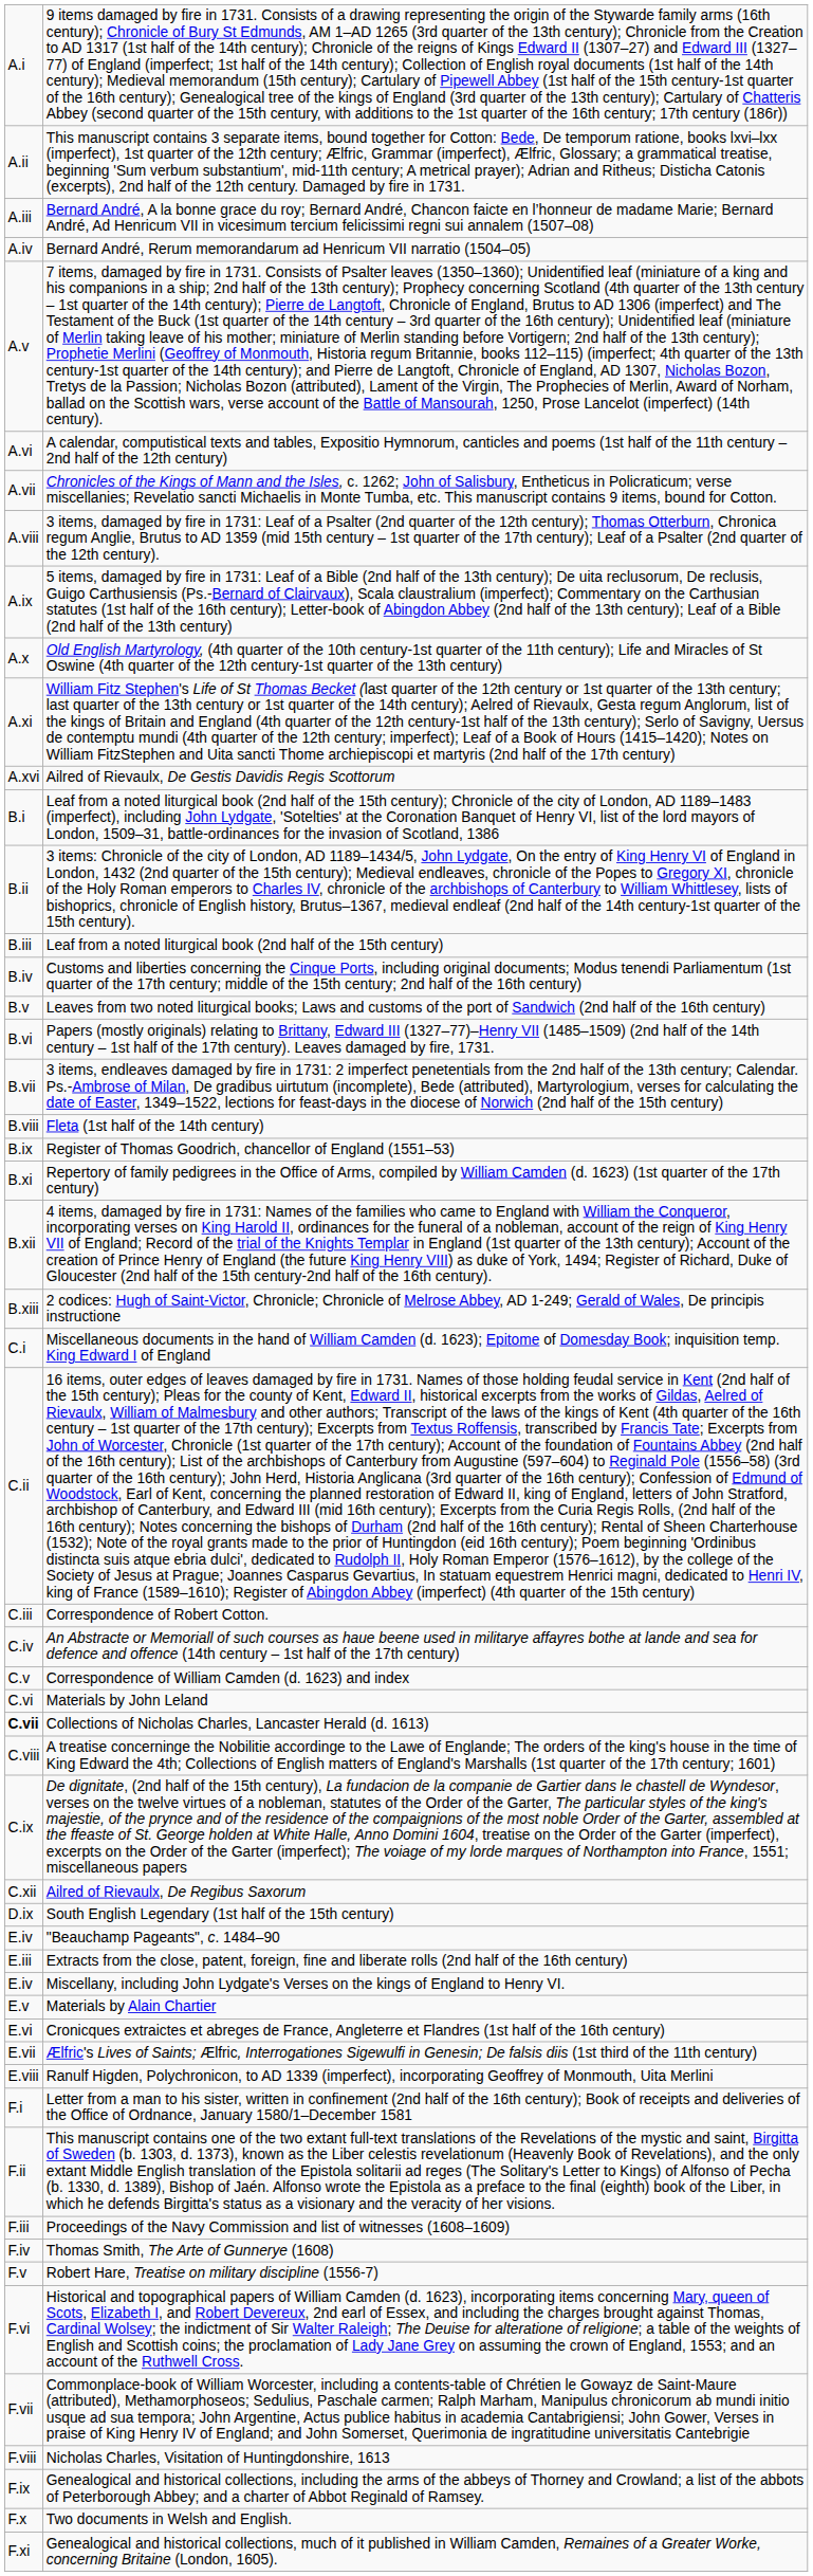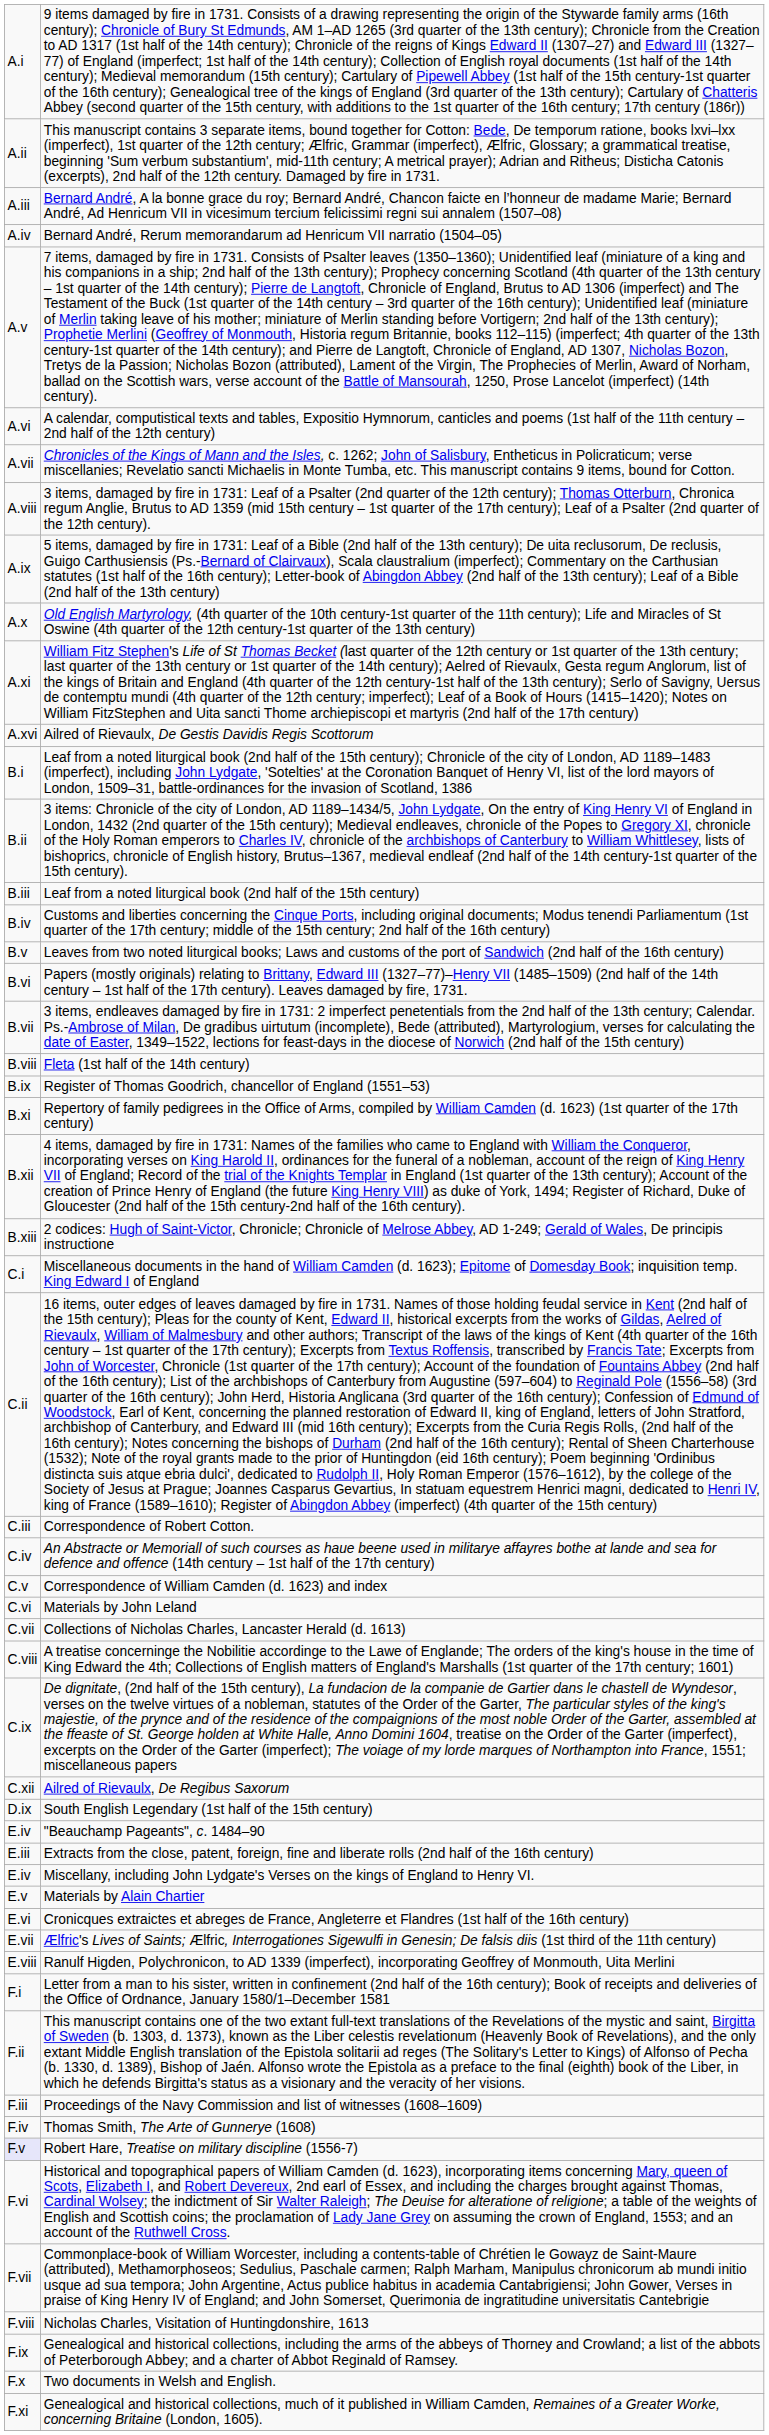 <table class="wikitable" style="width:100%">
 <tr>
 <td>A.i</td>
 <td>9 items damaged by fire in 1731. Consists of a drawing representing the origin of the Stywarde family arms (16th century); <a href='#'>Chronicle of Bury St Edmunds</a>, AM 1–AD 1265 (3rd quarter of the 13th century); Chronicle from the Creation to AD 1317 (1st half of the 14th century); Chronicle of the reigns of Kings <a href='#'>Edward II</a> (1307–27) and <a href='#'>Edward III</a> (1327–77) of England (imperfect; 1st half of the 14th century); Collection of English royal documents (1st half of the 14th century); Medieval memorandum (15th century); Cartulary of <a href='#'>Pipewell Abbey</a> (1st half of the 15th century-1st quarter of the 16th century); Genealogical tree of the kings of England (3rd quarter of the 13th century); Cartulary of <a href='#'>Chatteris</a> Abbey (second quarter of the 15th century, with additions to the 1st quarter of the 16th century; 17th century (186r))</td>
 </tr>
 <tr>
 <td>A.ii</td>
 <td>This manuscript contains 3 separate items, bound together for Cotton: <a href='#'>Bede</a>, De temporum ratione, books lxvi–lxx (imperfect), 1st quarter of the 12th century; Ælfric, Grammar (imperfect), Ælfric, Glossary; a grammatical treatise, beginning 'Sum verbum substantium', mid-11th century; A metrical prayer); Adrian and Ritheus; Disticha Catonis (excerpts), 2nd half of the 12th century. Damaged by fire in 1731.</td>
 </tr>
 <tr>
 <td>A.iii</td>
 <td><a href='#'>Bernard André</a>, A la bonne grace du roy; Bernard André, Chancon faicte en l’honneur de madame Marie; Bernard André, Ad Henricum VII in vicesimum tercium felicissimi regni sui annalem (1507–08)</td>
 </tr>
 <tr>
 <td>A.iv</td>
 <td>Bernard André, Rerum memorandarum ad Henricum VII narratio (1504–05)</td>
 </tr>
 <tr>
 <td>A.v</td>
 <td>7 items, damaged by fire in 1731. Consists of Psalter leaves (1350–1360); Unidentified leaf (miniature of a king and his companions in a ship; 2nd half of the 13th century); Prophecy concerning Scotland (4th quarter of the 13th century – 1st quarter of the 14th century); <a href='#'>Pierre de Langtoft</a>, Chronicle of England, Brutus to AD 1306 (imperfect) and The Testament of the Buck (1st quarter of the 14th century – 3rd quarter of the 16th century); Unidentified leaf (miniature of <a href='#'>Merlin</a> taking leave of his mother; miniature of Merlin standing before Vortigern; 2nd half of the 13th century); <a href='#'>Prophetie Merlini</a> (<a href='#'>Geoffrey of Monmouth</a>, Historia regum Britannie, books 112–115) (imperfect; 4th quarter of the 13th century-1st quarter of the 14th century); and Pierre de Langtoft, Chronicle of England, AD 1307, <a href='#'>Nicholas Bozon</a>, Tretys de la Passion; Nicholas Bozon (attributed), Lament of the Virgin, The Prophecies of Merlin, Award of Norham, ballad on the Scottish wars, verse account of the <a href='#'>Battle of Mansourah</a>, 1250, Prose Lancelot (imperfect) (14th century).</td>
 </tr>
 <tr>
 <td>A.vi</td>
 <td>A calendar, computistical texts and tables, Expositio Hymnorum, canticles and poems (1st half of the 11th century – 2nd half of the 12th century)</td>
 </tr>
 <tr>
 <td>A.vii</td>
 <td><em><a href='#'>Chronicles of the Kings of Mann and the Isles</a>,</em> c. 1262; <a href='#'>John of Salisbury</a>, Entheticus in Policraticum; verse miscellanies; Revelatio sancti Michaelis in Monte Tumba, etc. This manuscript contains 9 items, bound for Cotton.</td>
 </tr>
 <tr>
 <td>A.viii</td>
 <td>3 items, damaged by fire in 1731: Leaf of a Psalter (2nd quarter of the 12th century); <a href='#'>Thomas Otterburn</a>, Chronica regum Anglie, Brutus to AD 1359 (mid 15th century – 1st quarter of the 17th century); Leaf of a Psalter (2nd quarter of the 12th century).</td>
 </tr>
 <tr>
 <td>A.ix</td>
 <td>5 items, damaged by fire in 1731: Leaf of a Bible (2nd half of the 13th century); De uita reclusorum, De reclusis, Guigo Carthusiensis (Ps.-<a href='#'>Bernard of Clairvaux</a>), Scala claustralium (imperfect); Commentary on the Carthusian statutes (1st half of the 16th century); Letter-book of <a href='#'>Abingdon Abbey</a> (2nd half of the 13th century); Leaf of a Bible (2nd half of the 13th century)</td>
 </tr>
 <tr>
 <td width="4%">A.x</td>
 <td width="96%"><em><a href='#'>Old English Martyrology</a>,</em> (4th quarter of the 10th century-1st quarter of the 11th century); Life and Miracles of St Oswine (4th quarter of the 12th century-1st quarter of the 13th century)</td>
 </tr>
 <tr>
 <td>A.xi</td>
 <td><a href='#'>William Fitz Stephen</a>'s <em>Life of St <a href='#'>Thomas Becket</a> (</em>last quarter of the 12th century or 1st quarter of the 13th century; last quarter of the 13th century or 1st quarter of the 14th century); Aelred of Rievaulx, Gesta regum Anglorum, list of the kings of Britain and England (4th quarter of the 12th century-1st half of the 13th century); Serlo of Savigny, Uersus de contemptu mundi (4th quarter of the 12th century; imperfect); Leaf of a Book of Hours (1415–1420); Notes on William FitzStephen and Uita sancti Thome archiepiscopi et martyris (2nd half of the 17th century)</td>
 </tr>
 <tr>
 <td>A.xvi</td>
 <td>Ailred of Rievaulx, <em>De Gestis Davidis Regis Scottorum</em></td>
 </tr>
 <tr>
 <td>B.i</td>
 <td>Leaf from a noted liturgical book (2nd half of the 15th century); Chronicle of the city of London, AD 1189–1483 (imperfect), including <a href='#'>John Lydgate</a>, 'Sotelties' at the Coronation Banquet of Henry VI, list of the lord mayors of London, 1509–31, battle-ordinances for the invasion of Scotland, 1386</td>
 </tr>
 <tr>
 <td>B.ii</td>
 <td>3 items: Chronicle of the city of London, AD 1189–1434/5, <a href='#'>John Lydgate</a>, On the entry of <a href='#'>King Henry VI</a> of England in London, 1432 (2nd quarter of the 15th century); Medieval endleaves, chronicle of the Popes to <a href='#'>Gregory XI</a>, chronicle of the Holy Roman emperors to <a href='#'>Charles IV</a>, chronicle of the <a href='#'>archbishops of Canterbury</a> to <a href='#'>William Whittlesey</a>, lists of bishoprics, chronicle of English history, Brutus–1367, medieval endleaf (2nd half of the 14th century-1st quarter of the 15th century).</td>
 </tr>
 <tr>
 <td>B.iii</td>
 <td>Leaf from a noted liturgical book (2nd half of the 15th century)</td>
 </tr>
 <tr>
 <td>B.iv</td>
 <td>Customs and liberties concerning the <a href='#'>Cinque Ports</a>, including original documents; Modus tenendi Parliamentum (1st quarter of the 17th century; middle of the 15th century; 2nd half of the 16th century)</td>
 </tr>
 <tr>
 <td>B.v</td>
 <td>Leaves from two noted liturgical books; Laws and customs of the port of <a href='#'>Sandwich</a> (2nd half of the 16th century)</td>
 </tr>
 <tr>
 <td>B.vi</td>
 <td>Papers (mostly originals) relating to <a href='#'>Brittany</a>, <a href='#'>Edward III</a> (1327–77)–<a href='#'>Henry VII</a> (1485–1509) (2nd half of the 14th century – 1st half of the 17th century). Leaves damaged by fire, 1731.</td>
 </tr>
 <tr>
 <td>B.vii</td>
 <td>3 items, endleaves damaged by fire in 1731: 2 imperfect penetentials from the 2nd half of the 13th century; Calendar. Ps.-<a href='#'>Ambrose of Milan</a>, De gradibus uirtutum (incomplete), Bede (attributed), Martyrologium, verses for calculating the <a href='#'>date of Easter</a>, 1349–1522, lections for feast-days in the diocese of <a href='#'>Norwich</a> (2nd half of the 15th century)</td>
 </tr>
 <tr>
 <td>B.viii</td>
 <td><a href='#'>Fleta</a> (1st half of the 14th century)</td>
 </tr>
 <tr>
 <td>B.ix</td>
 <td>Register of Thomas Goodrich, chancellor of England (1551–53)</td>
 </tr>
 <tr>
 <td>B.xi</td>
 <td>Repertory of family pedigrees in the Office of Arms, compiled by <a href='#'>William Camden</a> (d. 1623) (1st quarter of the 17th century)</td>
 </tr>
 <tr>
 <td>B.xii</td>
 <td>4 items, damaged by fire in 1731: Names of the families who came to England with <a href='#'>William the Conqueror</a>, incorporating verses on <a href='#'>King Harold II</a>, ordinances for the funeral of a nobleman, account of the reign of <a href='#'>King Henry VII</a> of England; Record of the <a href='#'>trial of the Knights Templar</a> in England (1st quarter of the 13th century); Account of the creation of Prince Henry of England (the future <a href='#'>King Henry VIII</a>) as duke of York, 1494; Register of Richard, Duke of Gloucester (2nd half of the 15th century-2nd half of the 16th century).</td>
 </tr>
 <tr>
 <td>B.xiii</td>
 <td>2 codices: <a href='#'>Hugh of Saint-Victor</a>, Chronicle; Chronicle of <a href='#'>Melrose Abbey</a>, AD 1-249; <a href='#'>Gerald of Wales</a>, De principis instructione</td>
 </tr>
 <tr>
 <td>C.i</td>
 <td>Miscellaneous documents in the hand of <a href='#'>William Camden</a> (d. 1623); <a href='#'>Epitome</a> of <a href='#'>Domesday Book</a>; inquisition temp. <a href='#'>King Edward I</a> of England</td>
 </tr>
 <tr>
 <td>C.ii</td>
 <td>16 items, outer edges of leaves damaged by fire in 1731. Names of those holding feudal service in <a href='#'>Kent</a> (2nd half of the 15th century); Pleas for the county of Kent, <a href='#'>Edward II</a>, historical excerpts from the works of <a href='#'>Gildas</a>, <a href='#'>Aelred of Rievaulx</a>, <a href='#'>William of Malmesbury</a> and other authors; Transcript of the laws of the kings of Kent (4th quarter of the 16th century – 1st quarter of the 17th century); Excerpts from <a href='#'>Textus Roffensis</a>, transcribed by <a href='#'>Francis Tate</a>; Excerpts from <a href='#'>John of Worcester</a>, Chronicle (1st quarter of the 17th century); Account of the foundation of <a href='#'>Fountains Abbey</a> (2nd half of the 16th century); List of the archbishops of Canterbury from Augustine (597–604) to <a href='#'>Reginald Pole</a> (1556–58) (3rd quarter of the 16th century); John Herd, Historia Anglicana (3rd quarter of the 16th century); Confession of <a href='#'>Edmund of Woodstock</a>, Earl of Kent, concerning the planned restoration of Edward II, king of England, letters of John Stratford, archbishop of Canterbury, and Edward III (mid 16th century); Excerpts from the Curia Regis Rolls, (2nd half of the 16th century); Notes concerning the bishops of <a href='#'>Durham</a> (2nd half of the 16th century); Rental of Sheen Charterhouse (1532); Note of the royal grants made to the prior of Huntingdon (eid 16th century); Poem beginning 'Ordinibus distincta suis atque ebria dulci', dedicated to <a href='#'>Rudolph II</a>, Holy Roman Emperor (1576–1612), by the college of the Society of Jesus at Prague; Joannes Casparus Gevartius, In statuam equestrem Henrici magni, dedicated to <a href='#'>Henri IV</a>, king of France (1589–1610); Register of <a href='#'>Abingdon Abbey</a> (imperfect) (4th quarter of the 15th century)</td>
 </tr>
 <tr>
 <td>C.iii</td>
 <td>Correspondence of Robert Cotton.</td>
 </tr>
 <tr>
 <td>C.iv</td>
 <td><em>An Abstracte or Memoriall of such courses as haue beene used in militarye affayres bothe at lande and sea for defence and offence</em> (14th century – 1st half of the 17th century)</td>
 </tr>
 <tr>
 <td>C.v</td>
 <td>Correspondence of William Camden (d. 1623) and index</td>
 </tr>
 <tr>
 <td>C.vi</td>
 <td>Materials by John Leland</td>
 </tr>
 <tr>
-<td><strong>C.vii</strong></td>
+<td>C.vii</td>
 <td>Collections of Nicholas Charles, Lancaster Herald (d. 1613)</td>
 </tr>
 <tr>
 <td>C.viii</td>
 <td>A treatise concerninge the Nobilitie accordinge to the Lawe of Englande; The orders of the king's house in the time of King Edward the 4th; Collections of English matters of England's Marshalls (1st quarter of the 17th century; 1601)</td>
 </tr>
 <tr>
 <td>C.ix</td>
 <td><em>De dignitate</em>, (2nd half of the 15th century), <em>La fundacion de la companie de Gartier dans le chastell de Wyndesor</em>, verses on the twelve virtues of a nobleman, statutes of the Order of the Garter, <em>The particular styles of the king's majestie, of the prynce and of the residence of the compaignions of the most noble Order of the Garter, assembled at the ffeaste of St. George holden at White Halle, Anno Domini 1604</em>, treatise on the Order of the Garter (imperfect), excerpts on the Order of the Garter (imperfect); <em>The voiage of my lorde marques of Northampton into France</em>, 1551; miscellaneous papers</td>
 </tr>
 <tr>
 <td>C.xii</td>
 <td><a href='#'>Ailred of Rievaulx</a>, <em>De Regibus Saxorum</em></td>
 </tr>
 <tr>
 <td>D.ix</td>
 <td>South English Legendary (1st half of the 15th century)</td>
 </tr>
 <tr>
 <td>E.iv</td>
 <td>"Beauchamp Pageants", <em>c</em>. 1484–90</td>
 </tr>
 <tr>
 <td>E.iii</td>
 <td>Extracts from the close, patent, foreign, fine and liberate rolls (2nd half of the 16th century)</td>
 </tr>
 <tr>
 <td>E.iv</td>
 <td>Miscellany, including John Lydgate's Verses on the kings of England to Henry VI.</td>
 </tr>
 <tr>
 <td>E.v</td>
 <td>Materials by <a href='#'>Alain Chartier</a></td>
 </tr>
 <tr>
 <td>E.vi</td>
 <td>Cronicques extraictes et abreges de France, Angleterre et Flandres (1st half of the 16th century)</td>
 </tr>
 <tr>
 <td>E.vii</td>
 <td><a href='#'>Ælfric</a>'s <em>Lives of Saints;</em> Ælfric<em>, Interrogationes Sigewulfi in Genesin; De falsis diis </em> (1st third of the 11th century)</td>
 </tr>
 <tr>
 <td>E.viii</td>
 <td>Ranulf Higden, Polychronicon, to AD 1339 (imperfect), incorporating Geoffrey of Monmouth, Uita Merlini</td>
 </tr>
 <tr>
 <td>F.i</td>
 <td>Letter from a man to his sister, written in confinement (2nd half of the 16th century); Book of receipts and deliveries of the Office of Ordnance, January 1580/1–December 1581</td>
 </tr>
 <tr>
 <td>F.ii</td>
 <td>This manuscript contains one of the two extant full-text translations of the Revelations of the mystic and saint, <a href='#'>Birgitta of Sweden</a> (b. 1303, d. 1373), known as the Liber celestis revelationum (Heavenly Book of Revelations), and the only extant Middle English translation of the Epistola solitarii ad reges (The Solitary's Letter to Kings) of Alfonso of Pecha (b. 1330, d. 1389), Bishop of Jaén. Alfonso wrote the Epistola as a preface to the final (eighth) book of the Liber, in which he defends Birgitta's status as a visionary and the veracity of her visions.</td>
 </tr>
 <tr>
 <td>F.iii</td>
 <td>Proceedings of the Navy Commission and list of witnesses (1608–1609)</td>
 </tr>
 <tr>
 <td>F.iv</td>
 <td>Thomas Smith, <em>The Arte of Gunnerye</em> (1608)</td>
 </tr>
 <tr>
-<td>F.v</td>
+<td style="background: lavender;">F.v</td>
 <td>Robert Hare, <em>Treatise on military discipline</em> (1556-7)</td>
 </tr>
 <tr>
 <td>F.vi</td>
 <td>Historical and topographical papers of William Camden (d. 1623), incorporating items concerning <a href='#'>Mary, queen of Scots</a>, <a href='#'>Elizabeth I</a>, and <a href='#'>Robert Devereux</a>, 2nd earl of Essex, and including the charges brought against Thomas, <a href='#'>Cardinal Wolsey</a>; the indictment of Sir <a href='#'>Walter Raleigh</a>; <em>The Deuise for alteratione of religione</em>; a table of the weights of English and Scottish coins; the proclamation of <a href='#'>Lady Jane Grey</a> on assuming the crown of England, 1553; and an account of the <a href='#'>Ruthwell Cross</a>.</td>
 </tr>
 <tr>
 <td>F.vii</td>
 <td>Commonplace-book of William Worcester, including a contents-table of Chrétien le Gowayz de Saint-Maure (attributed), Methamorphoseos; Sedulius, Paschale carmen; Ralph Marham, Manipulus chronicorum ab mundi initio usque ad sua tempora; John Argentine, Actus publice habitus in academia Cantabrigiensi; John Gower, Verses in praise of King Henry IV of England; and John Somerset, Querimonia de ingratitudine universitatis Cantebrigie</td>
 </tr>
 <tr>
 <td>F.viii</td>
 <td>Nicholas Charles, Visitation of Huntingdonshire, 1613</td>
 </tr>
 <tr>
 <td>F.ix</td>
 <td>Genealogical and historical collections, including the arms of the abbeys of Thorney and Crowland; a list of the abbots of Peterborough Abbey; and a charter of Abbot Reginald of Ramsey.</td>
 </tr>
 <tr>
 <td>F.x</td>
 <td>Two documents in Welsh and English.</td>
 </tr>
 <tr>
 <td>F.xi</td>
 <td>Genealogical and historical collections, much of it published in William Camden, <em>Remaines of a Greater Worke, concerning Britaine</em> (London, 1605).</td>
 </tr>
 </table>
